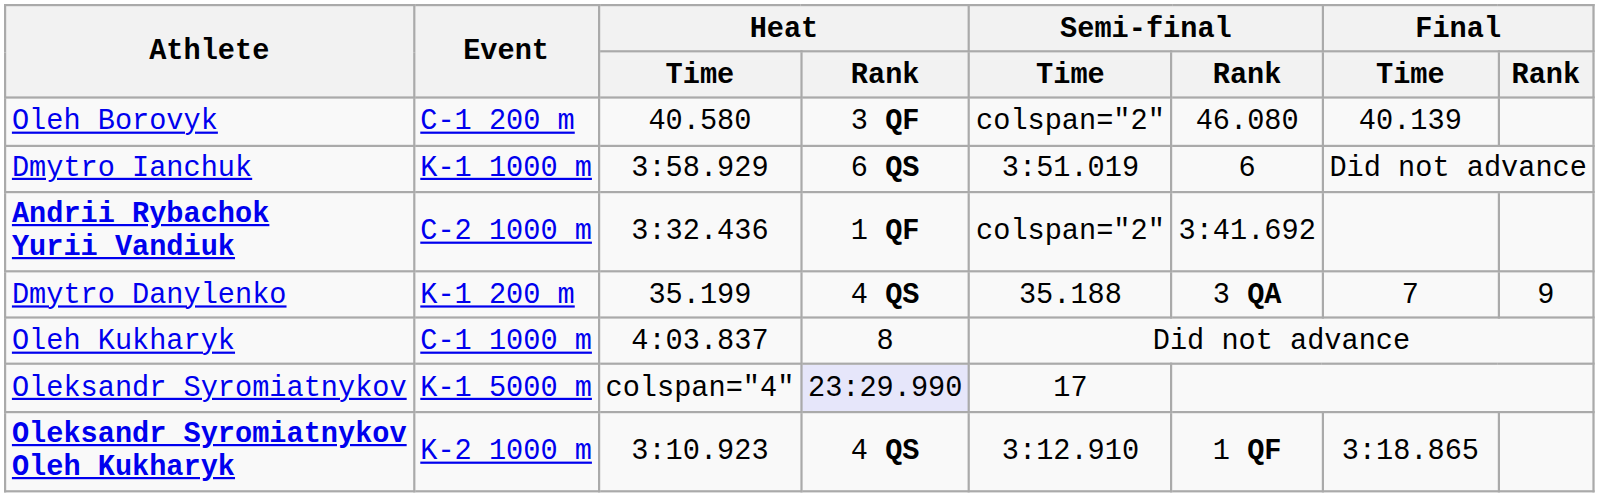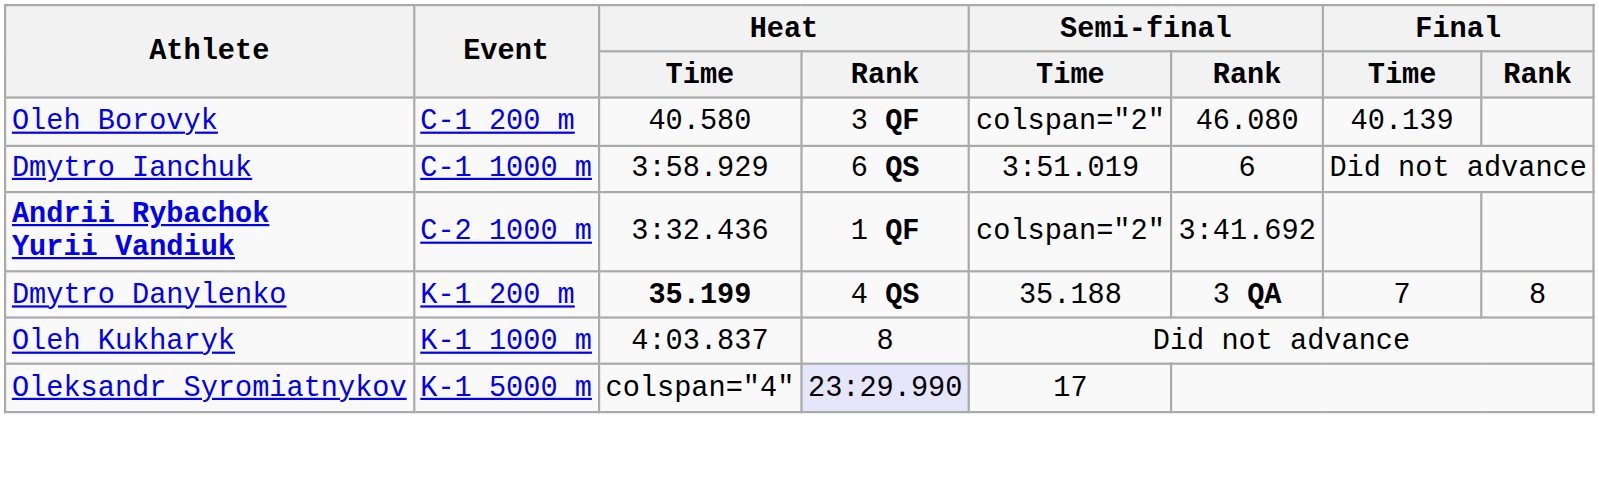 <table class="wikitable" style="text-align: center">
 <tr>
 <th rowspan="2">Athlete</th>
 <th rowspan="2">Event</th>
 <th colspan="2">Heat</th>
 <th colspan="2">Semi-final</th>
 <th colspan="2">Final</th>
 </tr>
 <tr>
 <th>Time</th>
 <th>Rank</th>
 <th>Time</th>
 <th>Rank</th>
 <th>Time</th>
 <th>Rank</th>
 </tr>
 <tr>
 <td align="left"><a href='#'>Oleh Borovyk</a></td>
 <td align="left"><a href='#'>C-1 200 m</a></td>
 <td>40.580</td>
 <td>3 <strong>QF</strong></td>
 <td>colspan="2" </td>
 <td>46.080</td>
 <td>40.139</td>
 </tr>
 <tr>
 <td align="left"><a href='#'>Dmytro Ianchuk</a></td>
-<td align="left"><a href='#'>K-1 1000 m</a></td>
+<td align="left"><a href='#'>C-1 1000 m</a></td>
 <td>3:58.929</td>
 <td>6 <strong>QS</strong></td>
 <td>3:51.019</td>
 <td>6</td>
 <td colspan="2">Did not advance</td>
 </tr>
 <tr>
 <td align="left"><strong><a href='#'>Andrii Rybachok</a><br><a href='#'>Yurii Vandiuk</a></strong></td>
 <td align="left"><a href='#'>C-2 1000 m</a></td>
 <td>3:32.436</td>
 <td>1 <strong>QF</strong></td>
 <td>colspan="2" </td>
 <td>3:41.692</td>
 <td></td>
 </tr>
 <tr>
 <td align="left"><a href='#'>Dmytro Danylenko</a></td>
 <td align="left"><a href='#'>K-1 200 m</a></td>
-<td>35.199</td>
+<td><strong>35.199</strong></td>
 <td>4 <strong>QS</strong></td>
 <td>35.188</td>
 <td>3 <strong>QA</strong></td>
 <td>7</td>
-<td>9</td>
+<td>8</td>
 </tr>
 <tr>
 <td align="left"><a href='#'>Oleh Kukharyk</a></td>
-<td align="left"><a href='#'>C-1 1000 m</a></td>
+<td align="left"><a href='#'>K-1 1000 m</a></td>
 <td>4:03.837</td>
 <td>8</td>
 <td colspan="4">Did not advance</td>
 </tr>
 <tr>
 <td align="left"><a href='#'>Oleksandr Syromiatnykov</a></td>
 <td align="left"><a href='#'>K-1 5000 m</a></td>
 <td>colspan="4" </td>
 <td style="background: lavender;">23:29.990</td>
 <td>17</td>
 </tr>
-<tr>
-<td align="left"><strong><a href='#'>Oleksandr Syromiatnykov</a><br><a href='#'>Oleh Kukharyk</a></strong></td>
-<td align="left"><a href='#'>K-2 1000 m</a></td>
-<td>3:10.923</td>
-<td>4 <strong>QS</strong></td>
-<td>3:12.910</td>
-<td>1 <strong>QF</strong></td>
-<td>3:18.865</td>
-<td></td>
-</tr>
 </table>
